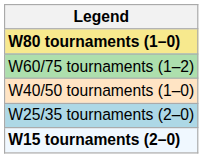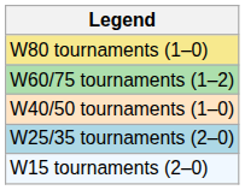 <table class=wikitable style="font-size:85%;">
 <tr>
 <th>Legend</th>
 </tr>
 <tr style="background:#f7e98e;">
-<td><strong>W80 tournaments (1–0)</strong></td>
+<td>W80 tournaments (1–0)</td>
 </tr>
 <tr style="background:#addfad;">
 <td>W60/75 tournaments (1–2)</td>
 </tr>
 <tr style="background:#ffe4c4;">
 <td>W40/50 tournaments (1–0)</td>
 </tr>
 <tr style="background:lightblue;">
 <td>W25/35 tournaments (2–0)</td>
 </tr>
 <tr style="background:#f0f8ff;">
-<td><strong>W15 tournaments (2–0)</strong></td>
+<td>W15 tournaments (2–0)</td>
 </tr>
 </table>
